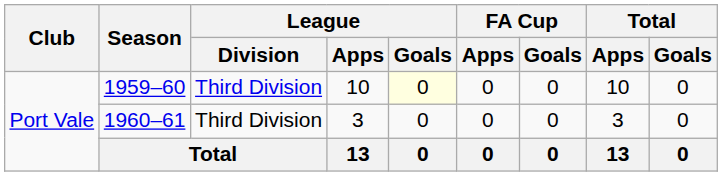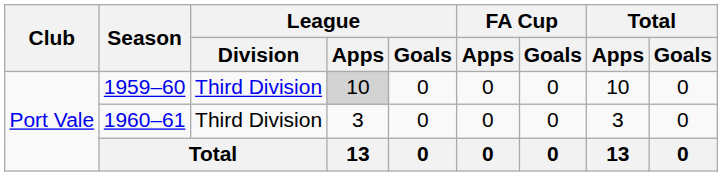 <table class="wikitable" style="text-align: center;">
 <tr>
 <th rowspan="2">Club</th>
 <th rowspan="2">Season</th>
 <th colspan="3">League</th>
 <th colspan="2">FA Cup</th>
 <th colspan="2">Total</th>
 </tr>
 <tr>
 <th>Division</th>
 <th>Apps</th>
 <th>Goals</th>
 <th>Apps</th>
 <th>Goals</th>
 <th>Apps</th>
 <th>Goals</th>
 </tr>
 <tr>
 <td rowspan="3"><a href='#'>Port Vale</a></td>
 <td><a href='#'>1959–60</a></td>
 <td><a href='#'>Third Division</a></td>
-<td>10</td>
-<td style="background: lightyellow;">0</td>
+<td style="background: lightgrey;">10</td>
+<td>0</td>
 <td>0</td>
 <td>0</td>
 <td>10</td>
 <td>0</td>
 </tr>
 <tr>
 <td><a href='#'>1960–61</a></td>
 <td>Third Division</td>
 <td>3</td>
 <td>0</td>
 <td>0</td>
 <td>0</td>
 <td>3</td>
 <td>0</td>
 </tr>
 <tr>
 <th colspan="2">Total</th>
 <th>13</th>
 <th>0</th>
 <th>0</th>
 <th>0</th>
 <th>13</th>
 <th>0</th>
 </tr>
 </table>
